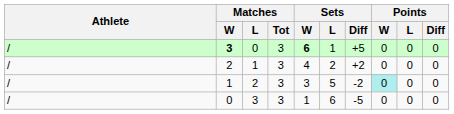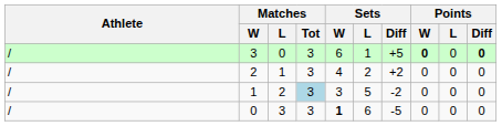 <table class=wikitable style="text-align:center">
 <tr>
 <th rowspan=2 width=300>Athlete</th>
 <th colspan=3 width=90>Matches</th>
 <th colspan=3 width=90>Sets</th>
 <th colspan=3 width=90>Points</th>
 </tr>
 <tr>
 <th width=30>W</th>
 <th width=30>L</th>
 <th width=30>Tot</th>
 <th width=30>W</th>
 <th width=30>L</th>
 <th width=30>Diff</th>
 <th width=30>W</th>
 <th width=30>L</th>
 <th width=30>Diff</th>
 </tr>
 <tr bgcolor=ccffcc>
 <td style="text-align:left">/</td>
-<td><strong>3</strong></td>
+<td>3</td>
 <td>0</td>
 <td>3</td>
-<td><strong>6</strong></td>
+<td>6</td>
 <td>1</td>
 <td>+5</td>
+<td><strong>0</strong></td>
 <td>0</td>
-<td>0</td>
-<td>0</td>
+<td><strong>0</strong></td>
 </tr>
 <tr>
 <td style="text-align:left">/</td>
 <td>2</td>
 <td>1</td>
 <td>3</td>
 <td>4</td>
 <td>2</td>
 <td>+2</td>
 <td>0</td>
 <td>0</td>
 <td>0</td>
 </tr>
 <tr>
 <td style="text-align:left">/</td>
 <td>1</td>
 <td>2</td>
-<td>3</td>
+<td style="background: lightblue;">3</td>
 <td>3</td>
 <td>5</td>
 <td>-2</td>
-<td style="background: paleturquoise;">0</td>
+<td>0</td>
 <td>0</td>
 <td>0</td>
 </tr>
 <tr>
 <td style="text-align:left">/</td>
 <td>0</td>
 <td>3</td>
 <td>3</td>
-<td>1</td>
+<td><strong>1</strong></td>
 <td>6</td>
 <td>-5</td>
 <td>0</td>
 <td>0</td>
 <td>0</td>
 </tr>
 </table>
